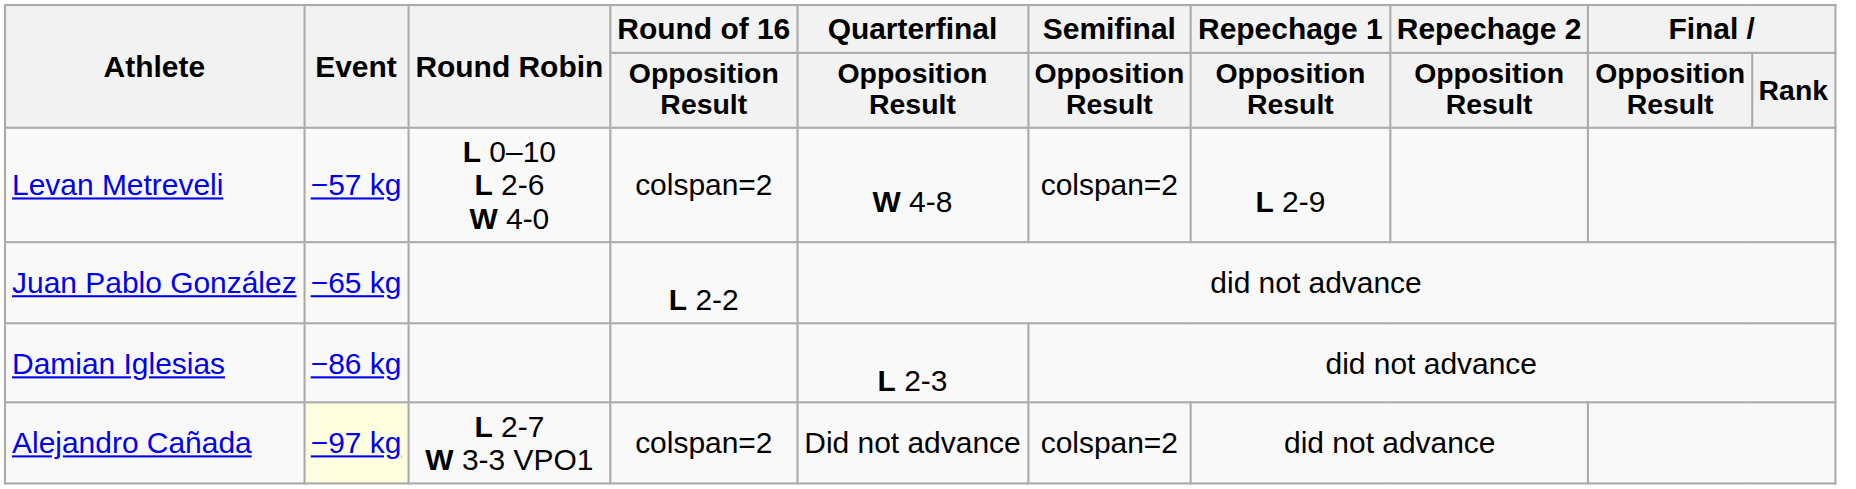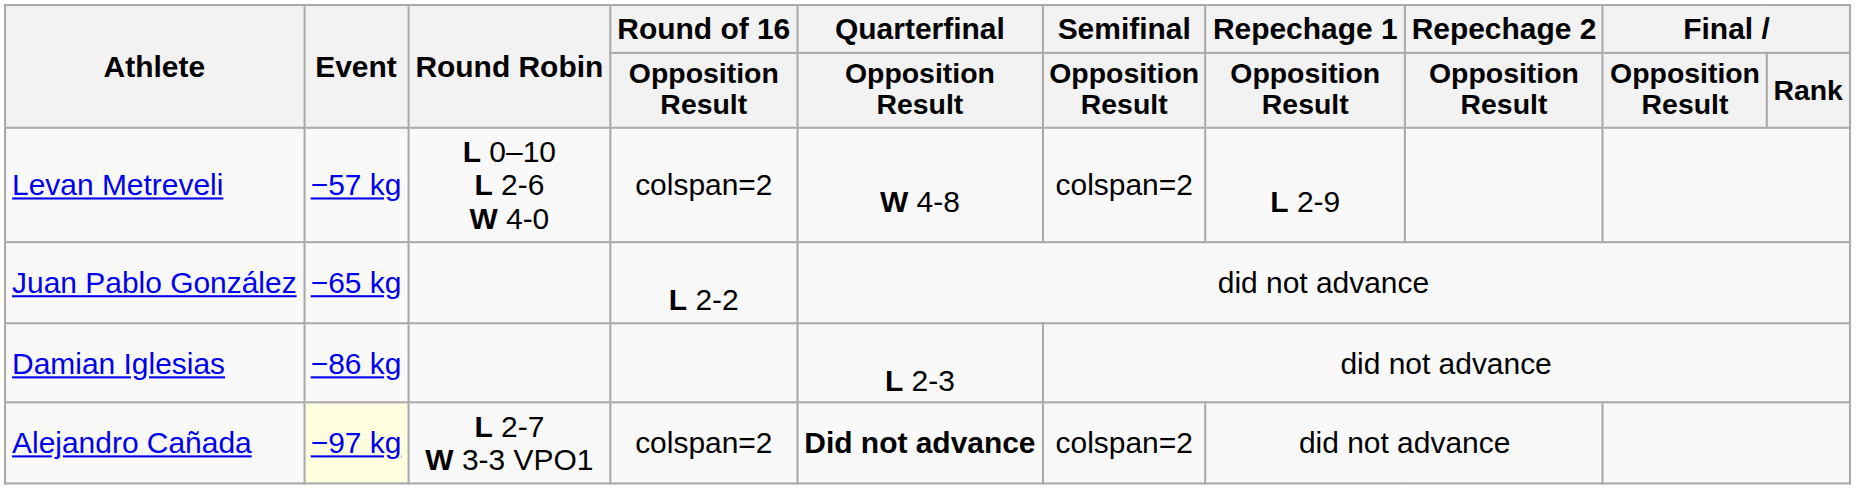 <table class="wikitable" style="font-size:90%">
 <tr>
 <th rowspan="2">Athlete</th>
 <th rowspan="2">Event</th>
 <th rowspan="2">Round Robin</th>
 <th>Round of 16</th>
 <th>Quarterfinal</th>
 <th>Semifinal</th>
 <th>Repechage 1</th>
 <th>Repechage 2</th>
 <th colspan=2>Final / </th>
 </tr>
 <tr style="font-size: 95%">
 <th>Opposition<br>Result</th>
 <th>Opposition<br>Result</th>
 <th>Opposition<br>Result</th>
 <th>Opposition<br>Result</th>
 <th>Opposition<br>Result</th>
 <th>Opposition<br>Result</th>
 <th>Rank</th>
 </tr>
 <tr align=center>
 <td align=left><a href='#'>Levan Metreveli</a></td>
 <td align=left><a href='#'>−57 kg</a></td>
 <td> <strong>L</strong> 0–10<br>  <strong>L</strong> 2-6<br>  <strong>W</strong> 4-0</td>
 <td>colspan=2 </td>
 <td> <br><strong>W</strong> 4-8</td>
 <td>colspan=2 </td>
 <td> <br><strong>L</strong> 2-9</td>
 <td></td>
 </tr>
 <tr align=center>
 <td align=left><a href='#'>Juan Pablo González</a></td>
 <td align=left><a href='#'>−65 kg</a></td>
 <td></td>
 <td><br><strong>L</strong> 2-2</td>
 <td colspan=6>did not advance</td>
 </tr>
 <tr align=center>
 <td align=left><a href='#'>Damian Iglesias</a></td>
 <td align=left><a href='#'>−86 kg</a></td>
 <td></td>
 <td></td>
 <td><br><strong>L</strong> 2-3</td>
 <td colspan=5>did not advance</td>
 </tr>
 <tr align=center>
 <td align=left><a href='#'>Alejandro Cañada</a></td>
 <td align=left style="background: lightyellow;"><a href='#'>−97 kg</a></td>
 <td> <strong>L</strong> 2-7<br> <strong>W</strong> 3-3 VPO1</td>
 <td>colspan=2 </td>
-<td>Did not advance</td>
+<td><strong>Did not advance</strong></td>
 <td>colspan=2 </td>
 <td colspan=2>did not advance</td>
 </tr>
 </table>
